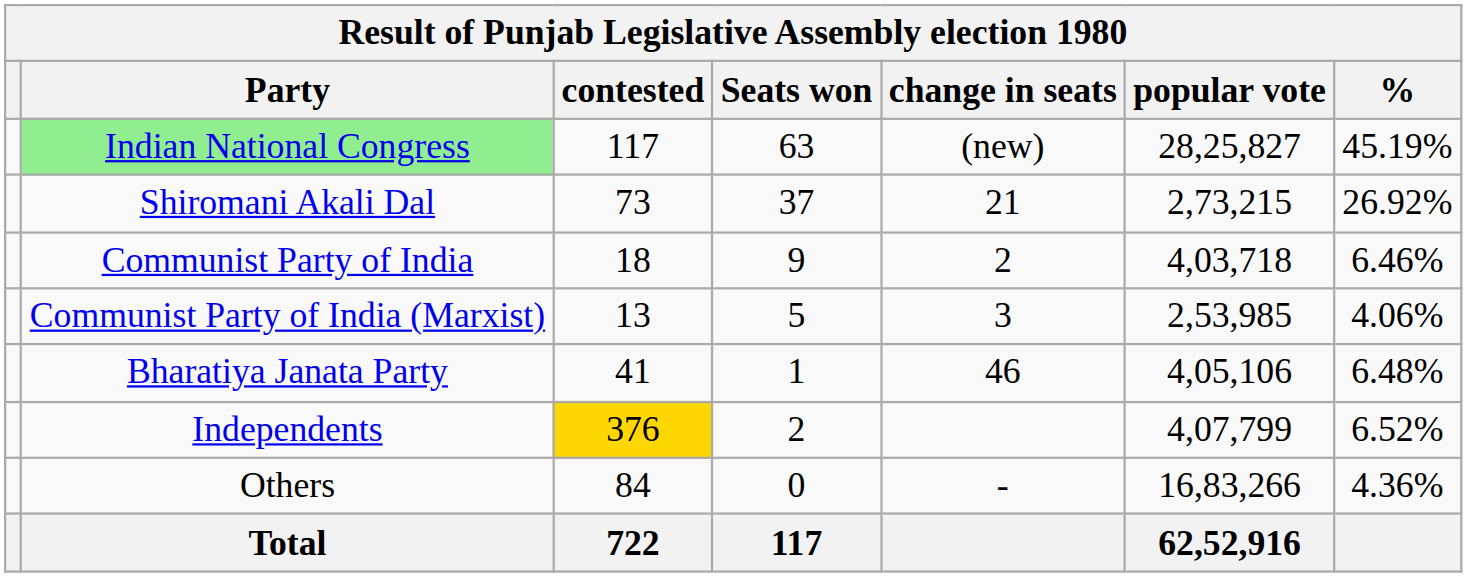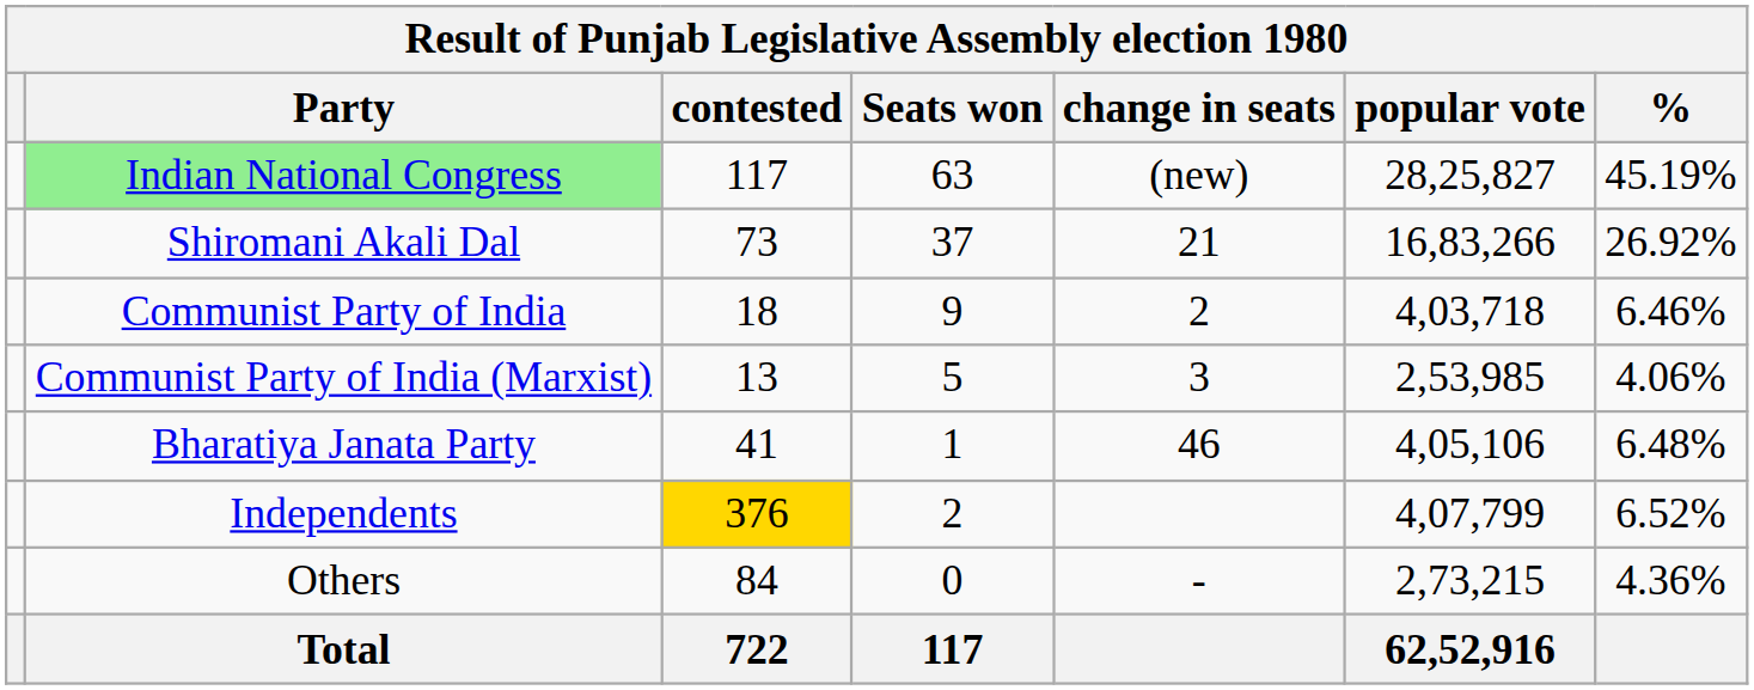 <table class="wikitable" style="text-align:center">
 <tr>
 <th colspan=7>Result of Punjab Legislative Assembly election 1980</th>
 </tr>
 <tr>
 <th></th>
 <th>Party</th>
 <th>contested</th>
 <th>Seats won</th>
 <th>change in seats</th>
 <th>popular vote</th>
 <th>%</th>
 </tr>
 <tr>
 <td></td>
 <td style="background:#90EE90;"><a href='#'>Indian National Congress</a></td>
 <td>117</td>
 <td>63</td>
 <td>(new)</td>
 <td>28,25,827</td>
 <td>45.19%</td>
 </tr>
 <tr>
 <td></td>
 <td><a href='#'>Shiromani Akali Dal</a></td>
 <td>73</td>
 <td>37</td>
 <td>21</td>
-<td>2,73,215</td>
+<td>16,83,266</td>
 <td>26.92%</td>
 </tr>
 <tr>
 <td></td>
 <td><a href='#'>Communist Party of India</a></td>
 <td>18</td>
 <td>9</td>
 <td>2</td>
 <td>4,03,718</td>
 <td>6.46%</td>
 </tr>
 <tr>
 <td></td>
 <td><a href='#'>Communist Party of India (Marxist)</a></td>
 <td>13</td>
 <td>5</td>
 <td>3</td>
 <td>2,53,985</td>
 <td>4.06%</td>
 </tr>
 <tr>
 <td></td>
 <td><a href='#'>Bharatiya Janata Party</a></td>
 <td>41</td>
 <td>1</td>
 <td>46</td>
 <td>4,05,106</td>
 <td>6.48%</td>
 </tr>
 <tr>
 <td></td>
 <td><a href='#'>Independents</a></td>
 <td style="background: gold;">376</td>
 <td>2</td>
 <td></td>
 <td>4,07,799</td>
 <td>6.52%</td>
 </tr>
 <tr>
 <td></td>
 <td>Others</td>
 <td>84</td>
 <td>0</td>
 <td>-</td>
-<td>16,83,266</td>
+<td>2,73,215</td>
 <td>4.36%</td>
 </tr>
 <tr>
 <th></th>
 <th>Total</th>
 <th>722</th>
 <th>117</th>
 <th></th>
 <th>62,52,916</th>
 <th></th>
 </tr>
 </table>
